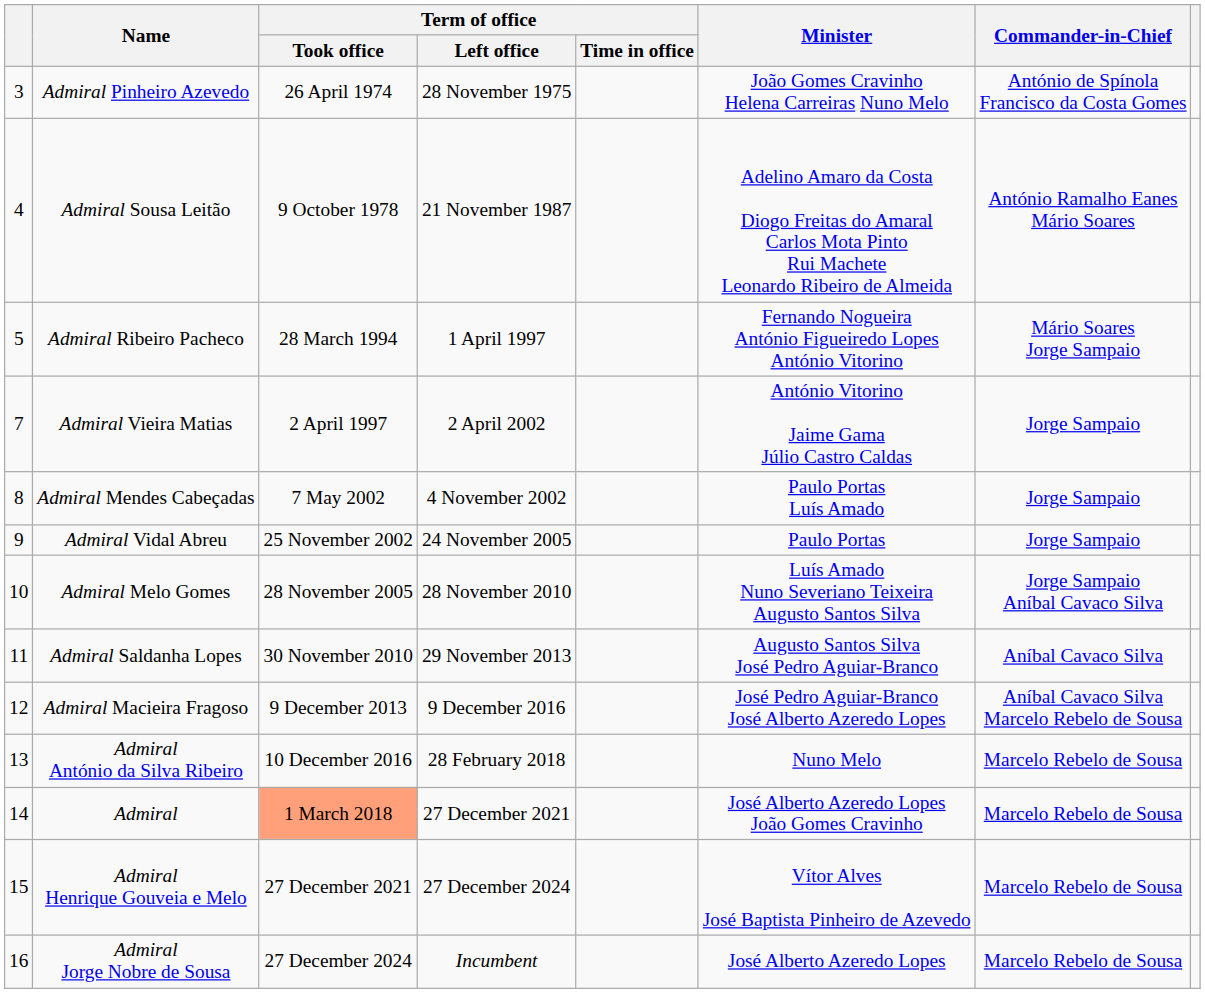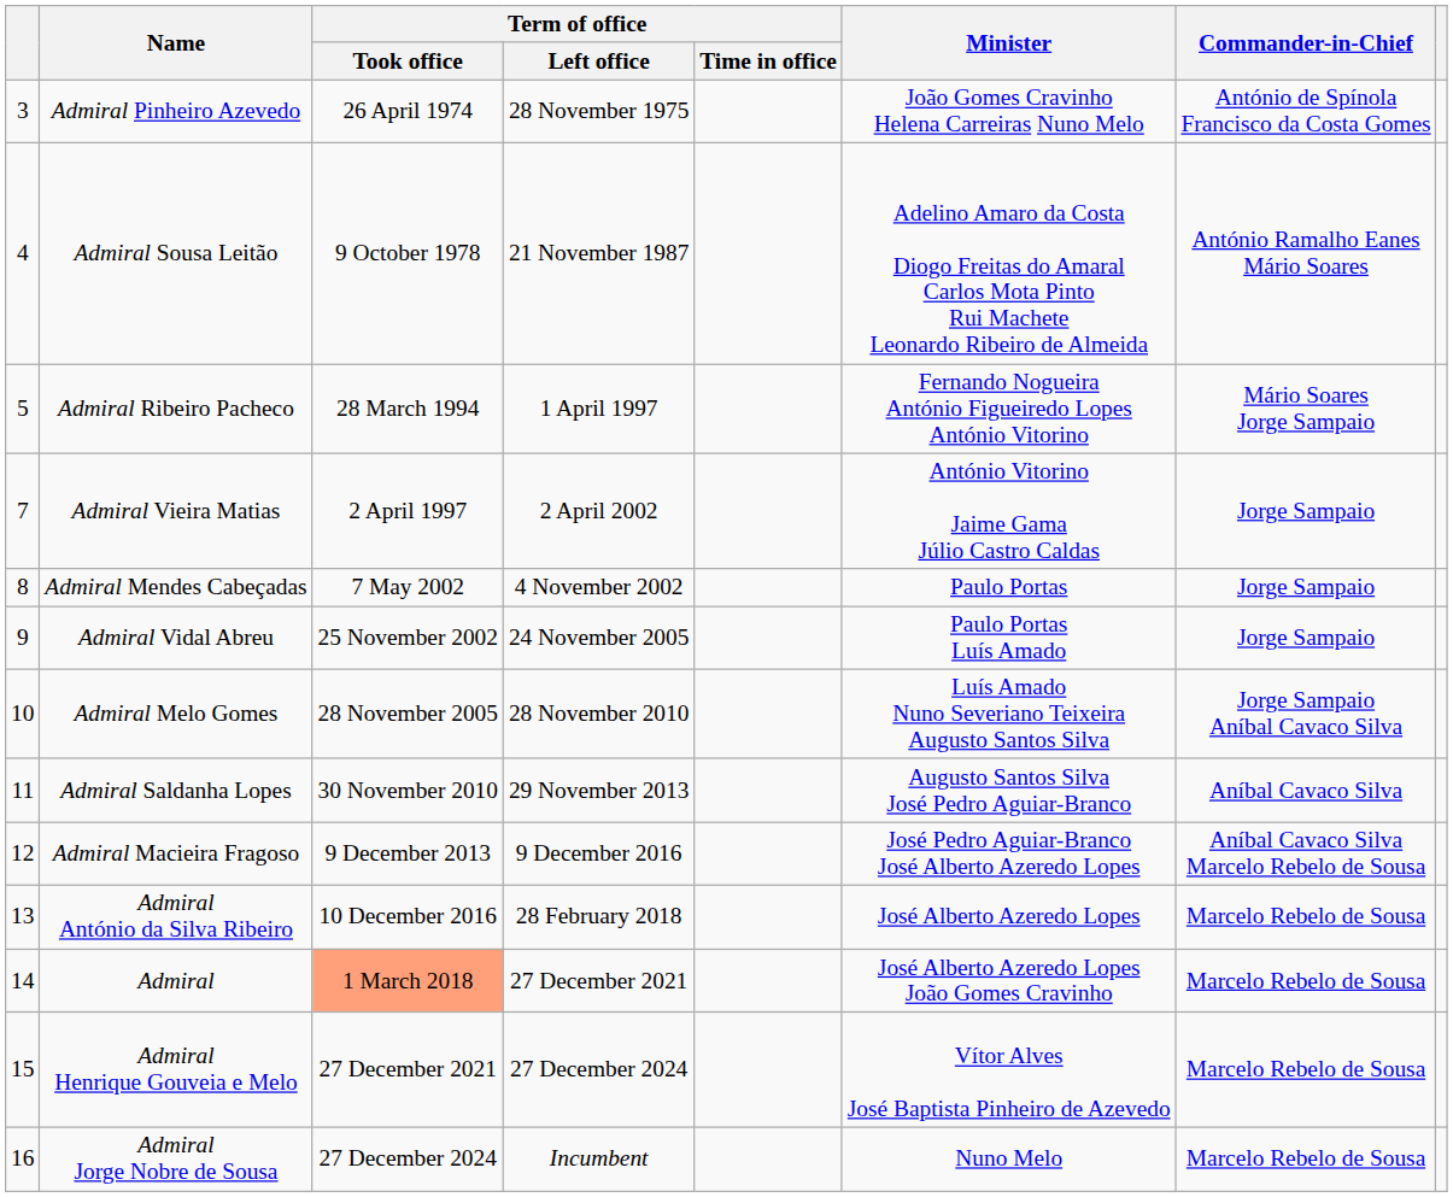 <table class="wikitable" style="text-align:center">
 <tr>
 <th rowspan=2></th>
 <th rowspan=2>Name<br></th>
 <th colspan=3>Term of office</th>
 <th rowspan=2><a href='#'>Minister</a></th>
 <th rowspan=2><a href='#'>Commander-in-Chief</a></th>
 <th rowspan=2></th>
 </tr>
 <tr>
 <th>Took office</th>
 <th>Left office</th>
 <th>Time in office</th>
 </tr>
 <tr>
 <td>3</td>
 <td><em>Admiral</em> <a href='#'>Pinheiro Azevedo</a></td>
 <td>26 April 1974</td>
 <td>28 November 1975</td>
 <td></td>
 <td><a href='#'>João Gomes Cravinho</a><br><a href='#'>Helena Carreiras</a> <a href='#'>Nuno Melo</a></td>
 <td><a href='#'>António de Spínola</a><br><a href='#'>Francisco da Costa Gomes</a></td>
 <td></td>
 </tr>
 <tr>
 <td>4</td>
 <td><em>Admiral</em> Sousa Leitão</td>
 <td>9 October 1978</td>
 <td>21 November 1987</td>
 <td></td>
 <td><br><br><a href='#'>Adelino Amaro da Costa</a><br><br><a href='#'>Diogo Freitas do Amaral</a><br><a href='#'>Carlos Mota Pinto</a><br><a href='#'>Rui Machete</a><br><a href='#'>Leonardo Ribeiro de Almeida</a><br></td>
 <td><a href='#'>António Ramalho Eanes</a><br><a href='#'>Mário Soares</a></td>
 <td></td>
 </tr>
 <tr>
 <td>5</td>
 <td><em>Admiral</em> Ribeiro Pacheco</td>
 <td>28 March 1994</td>
 <td>1 April 1997</td>
 <td></td>
 <td><a href='#'>Fernando Nogueira</a><br><a href='#'>António Figueiredo Lopes</a><br><a href='#'>António Vitorino</a></td>
 <td><a href='#'>Mário Soares</a><br><a href='#'>Jorge Sampaio</a></td>
 <td></td>
 </tr>
 <tr>
 <td>7</td>
 <td><em>Admiral</em> Vieira Matias</td>
 <td>2 April 1997</td>
 <td>2 April 2002</td>
 <td></td>
 <td><a href='#'>António Vitorino</a><br><br><a href='#'>Jaime Gama</a><br><a href='#'>Júlio Castro Caldas</a><br></td>
 <td><a href='#'>Jorge Sampaio</a></td>
 <td></td>
 </tr>
 <tr>
 <td>8</td>
 <td><em>Admiral</em> Mendes Cabeçadas</td>
 <td>7 May 2002</td>
 <td>4 November 2002</td>
 <td></td>
-<td><a href='#'>Paulo Portas</a><br><a href='#'>Luís Amado</a></td>
+<td><a href='#'>Paulo Portas</a></td>
 <td><a href='#'>Jorge Sampaio</a></td>
 <td></td>
 </tr>
 <tr>
 <td>9</td>
 <td><em>Admiral</em> Vidal Abreu</td>
 <td>25 November 2002</td>
 <td>24 November 2005</td>
 <td></td>
-<td><a href='#'>Paulo Portas</a></td>
+<td><a href='#'>Paulo Portas</a><br><a href='#'>Luís Amado</a></td>
 <td><a href='#'>Jorge Sampaio</a></td>
 <td></td>
 </tr>
 <tr>
 <td>10</td>
 <td><em>Admiral</em> Melo Gomes</td>
 <td>28 November 2005</td>
 <td>28 November 2010</td>
 <td></td>
 <td><a href='#'>Luís Amado</a><br><a href='#'>Nuno Severiano Teixeira</a><br><a href='#'>Augusto Santos Silva</a></td>
 <td><a href='#'>Jorge Sampaio</a><br><a href='#'>Aníbal Cavaco Silva</a></td>
 <td></td>
 </tr>
 <tr>
 <td>11</td>
 <td><em>Admiral</em> Saldanha Lopes</td>
 <td>30 November 2010</td>
 <td>29 November 2013</td>
 <td></td>
 <td><a href='#'>Augusto Santos Silva</a><br><a href='#'>José Pedro Aguiar-Branco</a></td>
 <td><a href='#'>Aníbal Cavaco Silva</a></td>
 <td></td>
 </tr>
 <tr>
 <td>12</td>
 <td><em>Admiral</em> Macieira Fragoso</td>
 <td>9 December 2013</td>
 <td>9 December 2016</td>
 <td></td>
 <td><a href='#'>José Pedro Aguiar-Branco</a><br><a href='#'>José Alberto Azeredo Lopes</a></td>
 <td><a href='#'>Aníbal Cavaco Silva</a><br><a href='#'>Marcelo Rebelo de Sousa</a></td>
 <td></td>
 </tr>
 <tr>
 <td>13</td>
 <td><em>Admiral</em><br><a href='#'>António da Silva Ribeiro</a></td>
 <td>10 December 2016</td>
 <td>28 February 2018</td>
 <td></td>
-<td><a href='#'>Nuno Melo</a></td>
+<td><a href='#'>José Alberto Azeredo Lopes</a></td>
 <td><a href='#'>Marcelo Rebelo de Sousa</a></td>
 <td></td>
 </tr>
 <tr>
 <td>14</td>
 <td><em>Admiral</em><br></td>
 <td style="background: lightsalmon;">1 March 2018</td>
 <td>27 December 2021</td>
 <td></td>
 <td><a href='#'>José Alberto Azeredo Lopes</a><br><a href='#'>João Gomes Cravinho</a></td>
 <td><a href='#'>Marcelo Rebelo de Sousa</a></td>
 <td></td>
 </tr>
 <tr>
 <td>15</td>
 <td><em>Admiral</em><br><a href='#'>Henrique Gouveia e Melo</a></td>
 <td>27 December 2021</td>
 <td>27 December 2024</td>
 <td></td>
 <td><br><a href='#'>Vítor Alves</a><br><br><a href='#'>José Baptista Pinheiro de Azevedo</a></td>
 <td><a href='#'>Marcelo Rebelo de Sousa</a></td>
 <td></td>
 </tr>
 <tr>
 <td>16</td>
 <td><em>Admiral</em><br><a href='#'>Jorge Nobre de Sousa</a></td>
 <td>27 December 2024</td>
 <td><em>Incumbent</em></td>
 <td></td>
-<td><a href='#'>José Alberto Azeredo Lopes</a></td>
+<td><a href='#'>Nuno Melo</a></td>
 <td><a href='#'>Marcelo Rebelo de Sousa</a></td>
 <td></td>
 </tr>
 </table>
